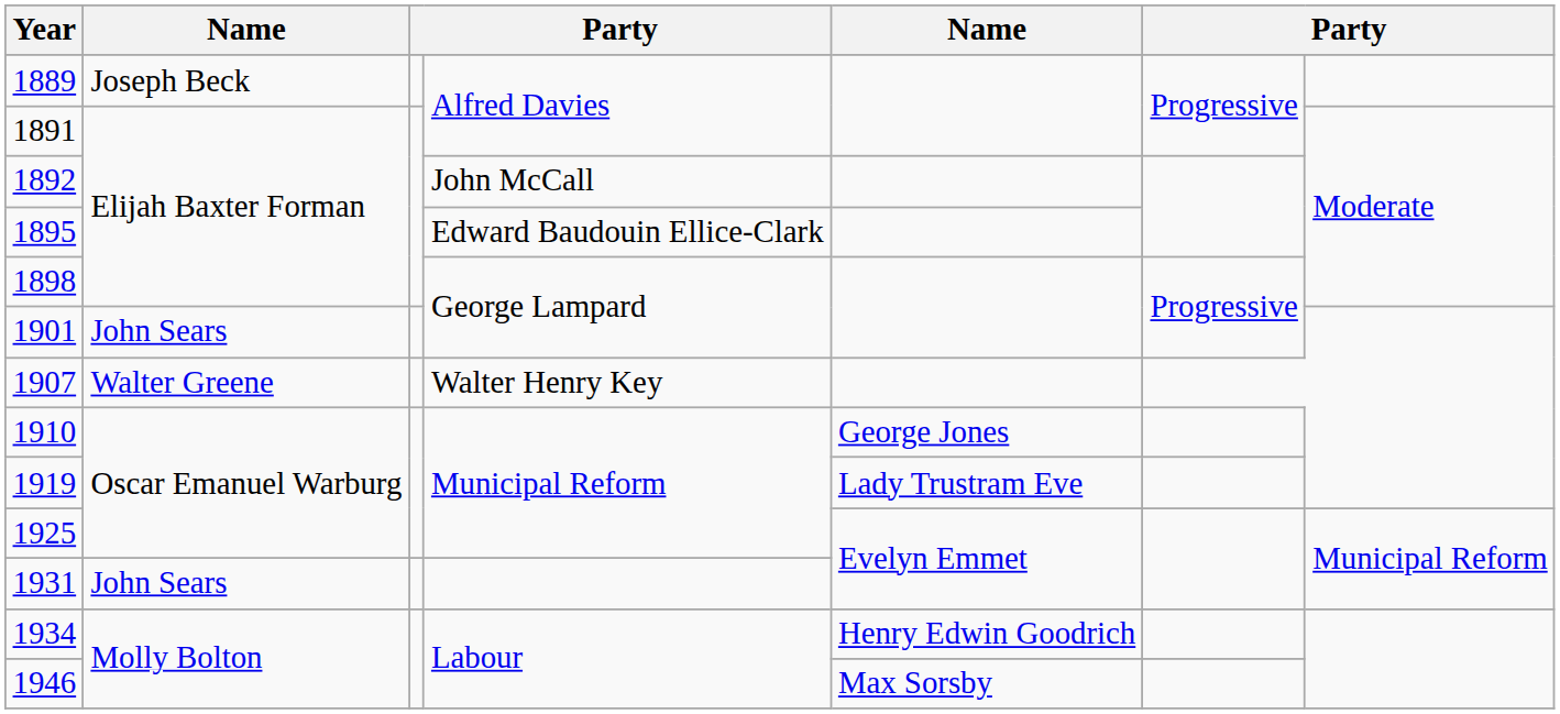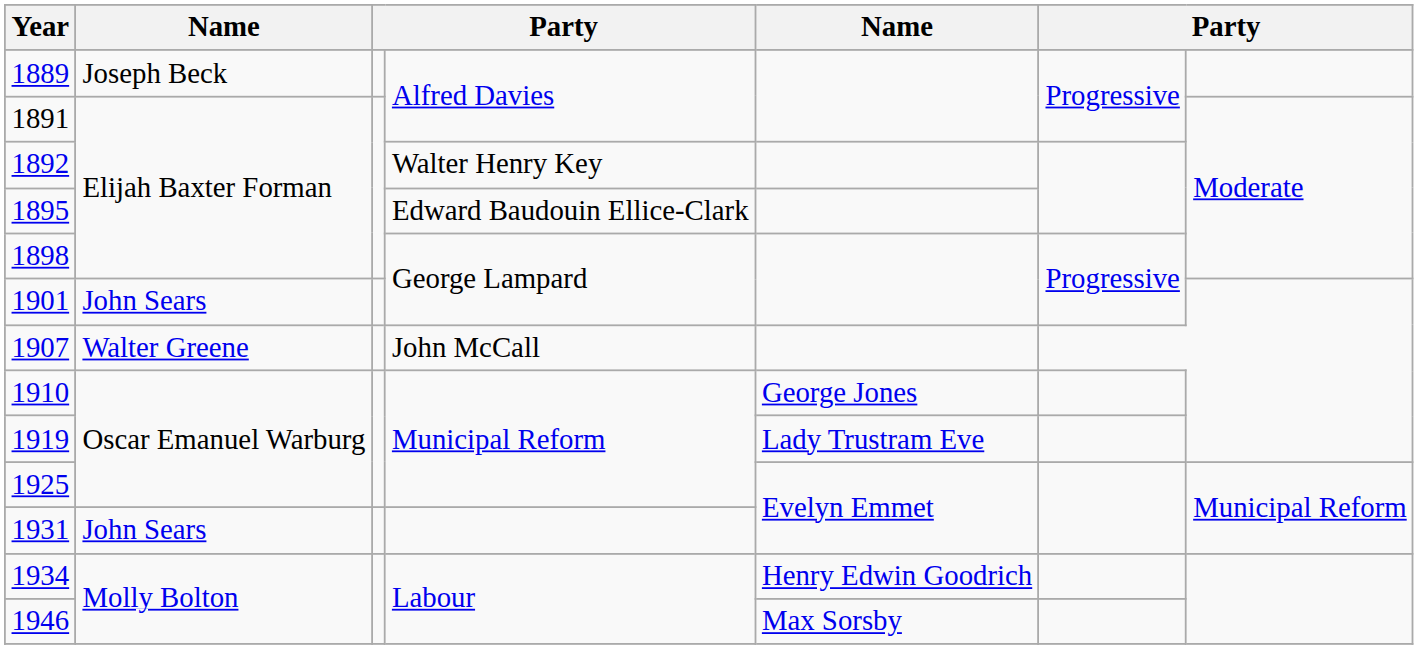 <table class="wikitable">
 <tr>
 <th>Year</th>
 <th>Name</th>
 <th colspan=2>Party</th>
 <th>Name</th>
 <th colspan=2>Party</th>
 </tr>
 <tr>
 <td><a href='#'>1889</a></td>
 <td>Joseph Beck</td>
 <td></td>
 <td rowspan=2><a href='#'>Alfred Davies</a></td>
 <td rowspan=2 style="background-color: "></td>
 <td rowspan=2><a href='#'>Progressive</a></td>
 </tr>
 <tr>
 <td>1891</td>
 <td rowspan=4>Elijah Baxter Forman</td>
 <td rowspan=4 style="background-color: "></td>
 <td rowspan=4><a href='#'>Moderate</a></td>
 </tr>
 <tr>
 <td><a href='#'>1892</a></td>
-<td>John McCall</td>
+<td>Walter Henry Key</td>
 <td></td>
 </tr>
 <tr>
 <td><a href='#'>1895</a></td>
 <td>Edward Baudouin Ellice-Clark</td>
 <td></td>
 </tr>
 <tr>
 <td><a href='#'>1898</a></td>
 <td rowspan=2>George Lampard</td>
 <td rowspan=2 style="background-color: "></td>
 <td rowspan=2><a href='#'>Progressive</a></td>
 </tr>
 <tr>
 <td><a href='#'>1901</a></td>
 <td><a href='#'>John Sears</a></td>
 <td></td>
 </tr>
 <tr>
 <td><a href='#'>1907</a></td>
 <td><a href='#'>Walter Greene</a></td>
 <td></td>
-<td>Walter Henry Key</td>
+<td>John McCall</td>
 <td></td>
 </tr>
 <tr>
 <td><a href='#'>1910</a></td>
 <td rowspan=3>Oscar Emanuel Warburg</td>
 <td rowspan=3 style="background-color: "></td>
 <td rowspan=3><a href='#'>Municipal Reform</a></td>
 <td><a href='#'>George Jones</a></td>
 <td></td>
 </tr>
 <tr>
 <td><a href='#'>1919</a></td>
 <td><a href='#'>Lady Trustram Eve</a></td>
 <td></td>
 </tr>
 <tr>
 <td><a href='#'>1925</a></td>
 <td rowspan=2><a href='#'>Evelyn Emmet</a></td>
 <td rowspan=2 style="background-color: "></td>
 <td rowspan=2><a href='#'>Municipal Reform</a></td>
 </tr>
 <tr>
 <td><a href='#'>1931</a></td>
 <td><a href='#'>John Sears</a></td>
 <td></td>
 </tr>
 <tr>
 <td><a href='#'>1934</a></td>
 <td rowspan=2><a href='#'>Molly Bolton</a></td>
 <td rowspan=2 style="background-color: "></td>
 <td rowspan=2><a href='#'>Labour</a></td>
 <td><a href='#'>Henry Edwin Goodrich</a></td>
 <td></td>
 </tr>
 <tr>
 <td><a href='#'>1946</a></td>
 <td><a href='#'>Max Sorsby</a></td>
 <td></td>
 </tr>
 </table>
